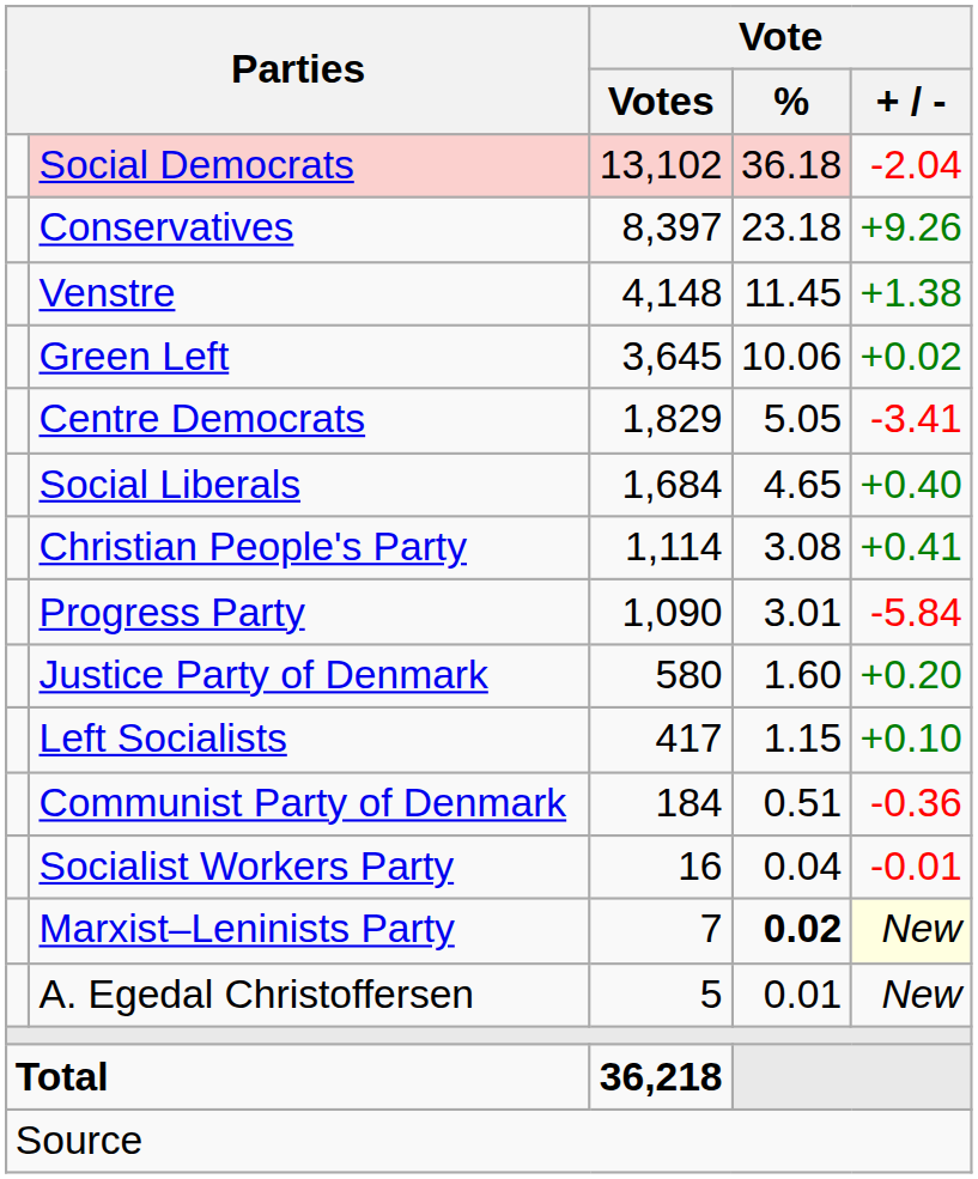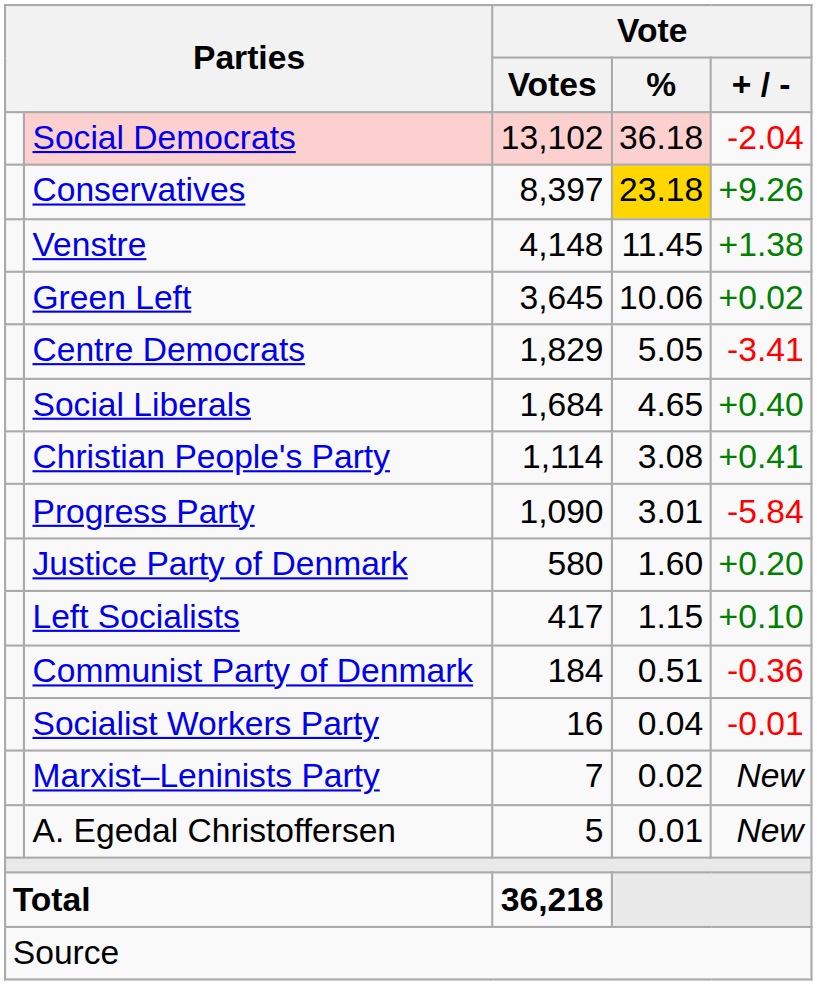 <table class="wikitable" style="text-align:right;">
 <tr>
 <th style="text-align:centre;" rowspan="2" colspan="2" width="225">Parties</th>
 <th colspan="3">Vote</th>
 </tr>
 <tr>
 <th width="15">Votes</th>
 <th width="15">%</th>
 <th width="15">+ / -</th>
 </tr>
 <tr>
 <td width="2" style="color:inherit;background:"></td>
 <td bgcolor=#fbd0ce  align="left"><a href='#'>Social Democrats</a></td>
 <td bgcolor=#fbd0ce>13,102</td>
 <td bgcolor=#fbd0ce>36.18</td>
 <td style=color:red;>-2.04</td>
 </tr>
 <tr>
 <td width="2" style="color:inherit;background:"></td>
 <td align="left"><a href='#'>Conservatives</a></td>
 <td>8,397</td>
-<td>23.18</td>
+<td style="background: gold;">23.18</td>
 <td style=color:green;>+9.26</td>
 </tr>
 <tr>
 <td width="2" style="color:inherit;background:"></td>
 <td align="left"><a href='#'>Venstre</a></td>
 <td>4,148</td>
 <td>11.45</td>
 <td style=color:green;>+1.38</td>
 </tr>
 <tr>
 <td width="2" style="color:inherit;background:"></td>
 <td align="left"><a href='#'>Green Left</a></td>
 <td>3,645</td>
 <td>10.06</td>
 <td style=color:green;>+0.02</td>
 </tr>
 <tr>
 <td width="2" style="color:inherit;background:"></td>
 <td align="left"><a href='#'>Centre Democrats</a></td>
 <td>1,829</td>
 <td>5.05</td>
 <td style=color:red;>-3.41</td>
 </tr>
 <tr>
 <td width="2" style="color:inherit;background:"></td>
 <td align="left"><a href='#'>Social Liberals</a></td>
 <td>1,684</td>
 <td>4.65</td>
 <td style=color:green;>+0.40</td>
 </tr>
 <tr>
 <td width="2" style="color:inherit;background:"></td>
 <td align="left"><a href='#'>Christian People's Party</a></td>
 <td>1,114</td>
 <td>3.08</td>
 <td style=color:green;>+0.41</td>
 </tr>
 <tr>
 <td width="2" style="color:inherit;background:"></td>
 <td align="left"><a href='#'>Progress Party</a></td>
 <td>1,090</td>
 <td>3.01</td>
 <td style=color:red;>-5.84</td>
 </tr>
 <tr>
 <td width="2" style="color:inherit;background:"></td>
 <td align="left"><a href='#'>Justice Party of Denmark</a></td>
 <td>580</td>
 <td>1.60</td>
 <td style=color:green;>+0.20</td>
 </tr>
 <tr>
 <td width="2" style="color:inherit;background:"></td>
 <td align="left"><a href='#'>Left Socialists</a></td>
 <td>417</td>
 <td>1.15</td>
 <td style=color:green;>+0.10</td>
 </tr>
 <tr>
 <td width="2" style="color:inherit;background:"></td>
 <td align="left"><a href='#'>Communist Party of Denmark</a></td>
 <td>184</td>
 <td>0.51</td>
 <td style=color:red;>-0.36</td>
 </tr>
 <tr>
 <td width="2" style="color:inherit;background:"></td>
 <td align="left"><a href='#'>Socialist Workers Party</a></td>
 <td>16</td>
 <td>0.04</td>
 <td style=color:red;>-0.01</td>
 </tr>
 <tr>
 <td width="2" style="color:inherit;background:"></td>
 <td align="left"><a href='#'>Marxist–Leninists Party</a></td>
 <td>7</td>
-<td><strong>0.02</strong></td>
-<td style="background: lightyellow;"><em>New</em></td>
+<td>0.02</td>
+<td><em>New</em></td>
 </tr>
 <tr>
 <td width="2" style="color:inherit;background:"></td>
 <td align="left">A. Egedal Christoffersen</td>
 <td>5</td>
 <td>0.01</td>
 <td><em>New</em></td>
 </tr>
 <tr>
 <td colspan="7" bgcolor="#E9E9E9"></td>
 </tr>
 <tr>
 <td align="left" colspan="2"><strong>Total</strong></td>
 <td><strong>36,218</strong></td>
 <td bgcolor="#E9E9E9" colspan="2"></td>
 </tr>
 <tr>
 <td align="left" colspan="6">Source</td>
 </tr>
 </table>
